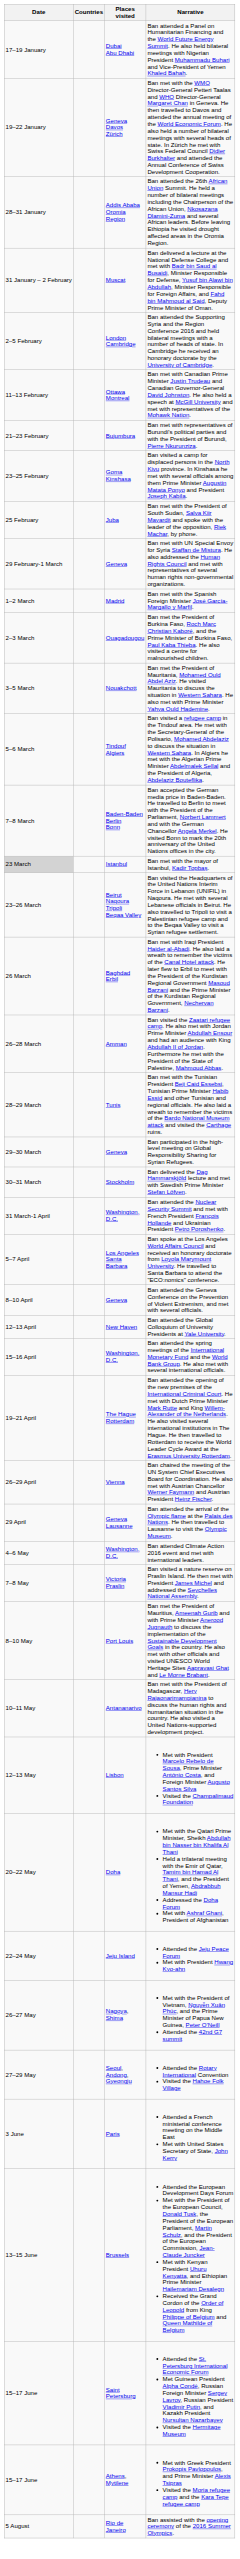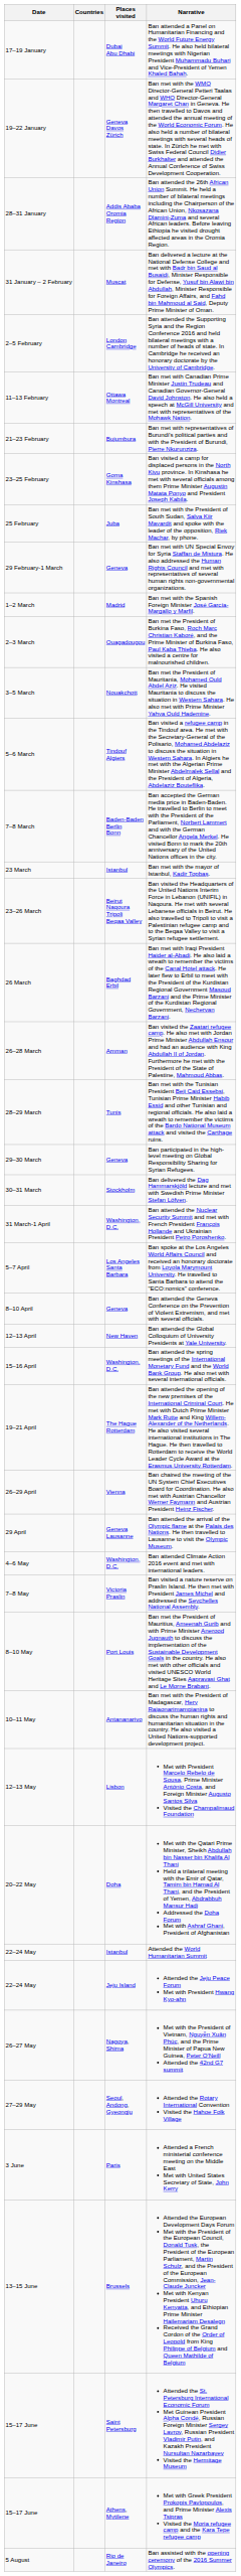 <table class="wikitable" border="1">
 <tr>
 <th>Date</th>
 <th>Countries</th>
 <th>Places visited</th>
 <th>Narrative</th>
 </tr>
 <tr>
 <td nowrap>17–19 January</td>
 <td></td>
 <td><a href='#'>Dubai</a><br><a href='#'>Abu Dhabi</a></td>
 <td>Ban attended a Panel on Humanitarian Financing and the <a href='#'>World Future Energy Summit</a>. He also held bilateral meetings with Nigerian President <a href='#'>Muhammadu Buhari</a> and Vice-President of Yemen <a href='#'>Khaled Bahah</a>.</td>
 </tr>
 <tr>
 <td nowrap>19–22 January</td>
 <td></td>
 <td><a href='#'>Geneva</a><br><a href='#'>Davos</a><br><a href='#'>Zürich</a></td>
 <td>Ban met with the <a href='#'>WMO</a> Director-General Petteri Taalas and <a href='#'>WHO</a> Director-General <a href='#'>Margaret Chan</a> in Geneva. He then travelled to Davos and attended the annual meeting of the <a href='#'>World Economic Forum</a>. He also held a number of bilateral meetings with several heads of state. In Zürich he met with Swiss Federal Council <a href='#'>Didier Burkhalter</a> and attended the Annual Conference of Swiss Development Cooperation.</td>
 </tr>
 <tr>
 <td nowrap>28–31 January</td>
 <td></td>
 <td><a href='#'>Addis Ababa</a><br><a href='#'>Oromia Region</a></td>
 <td>Ban attended the 26th <a href='#'>African Union</a> Summit. He held a number of bilateral meetings including the Chairperson of the African Union, <a href='#'>Nkosazana Dlamini-Zuma</a> and several African leaders. Before leaving Ethiopia he visited drought affected areas in the Oromia Region.</td>
 </tr>
 <tr>
 <td nowrap>31 January – 2 February</td>
 <td></td>
 <td><a href='#'>Muscat</a></td>
 <td>Ban delivered a lecture at the National Defense College and met with <a href='#'>Badr bin Saud al Busaidi</a>, Minister Responsible for Defense, <a href='#'>Yusuf bin Alawi bin Abdullah</a>, Minister Responsible for Foreign Affairs, and <a href='#'>Fahd bin Mahmoud al Said</a>, Deputy Prime Minister of Oman.</td>
 </tr>
 <tr>
 <td nowrap>2–5 February</td>
 <td></td>
 <td><a href='#'>London</a><br><a href='#'>Cambridge</a></td>
 <td>Ban attended the Supporting Syria and the Region Conference 2016 and held bilateral meetings with a number of heads of state. In Cambridge he received an honorary doctorate by the <a href='#'>University of Cambridge</a>.</td>
 </tr>
 <tr>
 <td nowrap>11–13 February</td>
 <td></td>
 <td><a href='#'>Ottawa</a><br><a href='#'>Montreal</a></td>
 <td>Ban met with Canadian Prime Minister <a href='#'>Justin Trudeau</a> and Canadian Governor-General <a href='#'>David Johnston</a>. He also held a speech at <a href='#'>McGill University</a> and met with representatives of the <a href='#'>Mohawk Nation</a>.</td>
 </tr>
 <tr>
 <td nowrap>21–23 February</td>
 <td></td>
 <td><a href='#'>Bujumbura</a></td>
 <td>Ban met with representatives of Burundi's political parties and with the President of Burundi, <a href='#'>Pierre Nkurunziza</a>.</td>
 </tr>
 <tr>
 <td nowrap>23–25 February</td>
 <td></td>
 <td><a href='#'>Goma</a><br><a href='#'>Kinshasa</a></td>
 <td>Ban visited a camp for displaced persons in the <a href='#'>North Kivu</a> province. In Kinshasa he met with several officials among them Prime Minister <a href='#'>Augustin Matata Ponyo</a> and President <a href='#'>Joseph Kabila</a>.</td>
 </tr>
 <tr>
 <td nowrap>25 February</td>
 <td></td>
 <td><a href='#'>Juba</a></td>
 <td>Ban met with the President of South Sudan, <a href='#'>Salva Kiir Mayardit</a> and spoke with the leader of the opposition, <a href='#'>Riek Machar</a>, by phone.</td>
 </tr>
 <tr>
 <td nowrap>29 February-1 March</td>
 <td></td>
 <td><a href='#'>Geneva</a></td>
 <td>Ban met with UN Special Envoy for Syria <a href='#'>Staffan de Mistura</a>. He also addressed the <a href='#'>Human Rights Council</a> and met with representatives of several human rights non-governmental organizations.</td>
 </tr>
 <tr>
 <td nowrap>1–2 March</td>
 <td></td>
 <td><a href='#'>Madrid</a></td>
 <td>Ban met with the Spanish Foreign Minister <a href='#'>José García-Margallo y Marfil</a>.</td>
 </tr>
 <tr>
 <td nowrap>2–3 March</td>
 <td></td>
 <td><a href='#'>Ouagadougou</a></td>
 <td>Ban met the President of Burkina Faso, <a href='#'>Roch Marc Christian Kaboré</a>, and the Prime Minister of Burkina Faso, <a href='#'>Paul Kaba Thieba</a>. He also visited a centre for malnourished children.</td>
 </tr>
 <tr>
 <td nowrap>3–5 March</td>
 <td></td>
 <td><a href='#'>Nouakchott</a></td>
 <td>Ban met the President of Mauritania, <a href='#'>Mohamed Ould Abdel Aziz</a>. He visited Mauritania to discuss the situation in <a href='#'>Western Sahara</a>. He also met with Prime Minister <a href='#'>Yahya Ould Hademine</a>.</td>
 </tr>
 <tr>
 <td nowrap>5–6 March</td>
 <td></td>
 <td><a href='#'>Tindouf</a><br><a href='#'>Algiers</a></td>
 <td>Ban visited a <a href='#'>refugee camp</a> in the Tindouf area. He met with the Secretary-General of the Polisario, <a href='#'>Mohamed Abdelaziz</a> to discuss the situation in <a href='#'>Western Sahara</a>. In Algiers he met with the Algerian Prime Minister <a href='#'>Abdelmalek Sellal</a> and the President of Algeria, <a href='#'>Abdelaziz Bouteflika</a>.</td>
 </tr>
 <tr>
 <td nowrap>7–8 March</td>
 <td></td>
 <td><a href='#'>Baden-Baden</a><br><a href='#'>Berlin</a><br><a href='#'>Bonn</a></td>
 <td>Ban accepted the German media price in Baden-Baden. He travelled to Berlin to meet with the President of the Parliament, <a href='#'>Norbert Lammert</a> and with the German Chancellor <a href='#'>Angela Merkel</a>. He visited Bonn to mark the 20th anniversary of the United Nations offices in the city.</td>
 </tr>
 <tr>
-<td nowrap style="background: lightgrey;">23 March</td>
+<td nowrap>23 March</td>
 <td></td>
 <td><a href='#'>Istanbul</a></td>
 <td>Ban met with the mayor of Istanbul, <a href='#'>Kadir Topbaş</a>.</td>
 </tr>
 <tr>
 <td nowrap>23–26 March</td>
 <td></td>
 <td><a href='#'>Beirut</a><br><a href='#'>Naqoura</a><br><a href='#'>Tripoli</a><br><a href='#'>Beqaa Valley</a></td>
 <td>Ban visited the Headquarters of the United Nations Interim Force in Lebanon (UNIFIL) in Naqoura. He met with several Lebanese officials in Beirut. He also travelled to Tripoli to visit a Palestinian refugee camp and to the Beqaa Valley to visit a Syrian refugee settlement.</td>
 </tr>
 <tr>
 <td nowrap>26 March</td>
 <td></td>
 <td><a href='#'>Baghdad</a><br><a href='#'>Erbil</a></td>
 <td>Ban met with Iraqi President <a href='#'>Haider al-Abadi</a>. He also laid a wreath to remember the victims of the <a href='#'>Canal Hotel attack</a>. He later flew to Erbil to meet with the President of the Kurdistan Regional Government <a href='#'>Masoud Barzani</a> and the Prime Minister of the Kurdistan Regional Government, <a href='#'>Nechervan Barzani</a>.</td>
 </tr>
 <tr>
 <td nowrap>26–28 March</td>
 <td></td>
 <td><a href='#'>Amman</a></td>
 <td>Ban visited the <a href='#'>Zaatari refugee camp</a>. He also met with Jordan Prime Minister <a href='#'>Abdullah Ensour</a> and had an audience with King <a href='#'>Abdullah II of Jordan</a>. Furthermore he met with the President of the State of Palestine, <a href='#'>Mahmoud Abbas</a>.</td>
 </tr>
 <tr>
 <td nowrap>28–29 March</td>
 <td></td>
 <td><a href='#'>Tunis</a></td>
 <td>Ban met with the Tunisian President <a href='#'>Beji Caid Essebsi</a>, Tunisian Prime Minister <a href='#'>Habib Essid</a> and other Tunisian and regional officials. He also laid a wreath to remember the victims of the <a href='#'>Bardo National Museum attack</a> and visited the <a href='#'>Carthage</a> ruins.</td>
 </tr>
 <tr>
 <td nowrap>29–30 March</td>
 <td></td>
 <td><a href='#'>Geneva</a></td>
 <td>Ban participated in the high-level meeting on Global Responsibility Sharing for Syrian Refugees.</td>
 </tr>
 <tr>
 <td nowrap>30–31 March</td>
 <td></td>
 <td><a href='#'>Stockholm</a></td>
 <td>Ban delivered the <a href='#'>Dag Hammarskjöld</a> lecture and met with Swedish Prime Minister <a href='#'>Stefan Löfven</a>.</td>
 </tr>
 <tr>
 <td nowrap>31 March-1 April</td>
 <td></td>
 <td><a href='#'>Washington, D.C.</a></td>
 <td>Ban attended the <a href='#'>Nuclear Security Summit</a> and met with French President <a href='#'>François Hollande</a> and Ukrainian President <a href='#'>Petro Poroshenko</a>.</td>
 </tr>
 <tr>
 <td nowrap>5–7 April</td>
 <td></td>
 <td><a href='#'>Los Angeles</a><br><a href='#'>Santa Barbara</a></td>
 <td>Ban spoke at the Los Angeles <a href='#'>World Affairs Council</a> and received an honorary doctorate from <a href='#'>Loyola Marymount University</a>. He travelled to Santa Barbara to attend the "ECO:nomics" conference.</td>
 </tr>
 <tr>
 <td nowrap>8–10 April</td>
 <td></td>
 <td><a href='#'>Geneva</a></td>
 <td>Ban attended the Geneva Conference on the Prevention of Violent Extremism, and met with several officials.</td>
 </tr>
 <tr>
 <td nowrap>12–13 April</td>
 <td></td>
 <td><a href='#'>New Haven</a></td>
 <td>Ban attended the Global Colloquium of University Presidents at <a href='#'>Yale University</a>.</td>
 </tr>
 <tr>
 <td nowrap>15–16 April</td>
 <td></td>
 <td><a href='#'>Washington, D.C.</a></td>
 <td>Ban attended the spring meetings of the <a href='#'>International Monetary Fund</a> and the <a href='#'>World Bank Group</a>. He also met with several international officials.</td>
 </tr>
 <tr>
 <td nowrap>19–21 April</td>
 <td></td>
 <td><a href='#'>The Hague</a><br><a href='#'>Rotterdam</a></td>
 <td>Ban attended the opening of the new premises of the <a href='#'>International Criminal Court</a>. He met with Dutch Prime Minister <a href='#'>Mark Rutte</a> and King <a href='#'>Willem-Alexander of the Netherlands</a>. He also visited several international institutions in The Hague. He then travelled to Rotterdam to receive the World Leader Cycle Award at the <a href='#'>Erasmus University Rotterdam</a>.</td>
 </tr>
 <tr>
 <td nowrap>26–29 April</td>
 <td></td>
 <td><a href='#'>Vienna</a></td>
 <td>Ban chaired the meeting of the UN System Chief Executives Board for Coordination. He also met with Austrian Chancellor <a href='#'>Werner Faymann</a> and Austrian President <a href='#'>Heinz Fischer</a>.</td>
 </tr>
 <tr>
 <td nowrap>29 April</td>
 <td></td>
 <td><a href='#'>Geneva</a><br><a href='#'>Lausanne</a></td>
 <td>Ban attended the arrival of the <a href='#'>Olympic flame</a> at the <a href='#'>Palais des Nations</a>. He then travelled to Lausanne to visit the <a href='#'>Olympic Museum</a>.</td>
 </tr>
 <tr>
 <td nowrap>4–6 May</td>
 <td></td>
 <td><a href='#'>Washington, D.C.</a></td>
 <td>Ban attended Climate Action 2016 event and met with international leaders.</td>
 </tr>
 <tr>
 <td nowrap>7–8 May</td>
 <td></td>
 <td><a href='#'>Victoria</a><br><a href='#'>Praslin</a></td>
 <td>Ban visited a nature reserve on Praslin Island. He then met with President <a href='#'>James Michel</a> and addressed the <a href='#'>Seychelles National Assembly</a>.</td>
 </tr>
 <tr>
 <td nowrap>8–10 May</td>
 <td></td>
 <td><a href='#'>Port Louis</a></td>
 <td>Ban met the President of Mauritius, <a href='#'>Ameenah Gurib</a> and with Prime Minister <a href='#'>Anerood Jugnauth</a> to discuss the implementation of the <a href='#'>Sustainable Development Goals</a> in the country. He also met with other officials and visited UNESCO World Heritage Sites <a href='#'>Aapravasi Ghat</a> and <a href='#'>Le Morne Brabant</a>.</td>
 </tr>
 <tr>
 <td nowrap>10–11 May</td>
 <td></td>
 <td><a href='#'>Antananarivo</a></td>
 <td>Ban met with the President of Madagascar, <a href='#'>Hery Rajaonarimampianina</a> to discuss the human rights and humanitarian situation in the country. He also visited a United Nations-supported development project.</td>
 </tr>
 <tr>
 <td nowrap>12–13 May</td>
 <td></td>
 <td><a href='#'>Lisbon</a></td>
 <td><br><ul><li>Met with President <a href='#'>Marcelo Rebelo de Sousa</a>, Prime Minister <a href='#'>António Costa</a>, and Foreign Minister <a href='#'>Augusto Santos Silva</a></li><li>Visited the <a href='#'>Champalimaud Foundation</a></li></ul></td>
 </tr>
 <tr>
 <td nowrap>20–22 May</td>
 <td></td>
 <td><a href='#'>Doha</a></td>
 <td><br><ul><li>Met with the Qatari Prime Minister, Sheikh <a href='#'>Abdullah bin Nasser bin Khalifa Al Thani</a></li><li>Held a trilateral meeting with the Emir of Qatar, <a href='#'>Tamim bin Hamad Al Thani</a>, and the President of Yemen, <a href='#'>Abdrabbuh Mansur Hadi</a></li><li>Addressed the <a href='#'>Doha Forum</a></li><li>Met with <a href='#'>Ashraf Ghani</a>, President of Afghanistan</li></ul></td>
 </tr>
 <tr>
 <td nowrap>22–24 May</td>
 <td></td>
+<td><a href='#'>Istanbul</a></td>
+<td>Attended the <a href='#'>World Humanitarian Summit</a></td>
+</tr>
+<tr>
+<td nowrap>22–24 May</td>
+<td></td>
 <td><a href='#'>Jeju Island</a></td>
 <td><br><ul><li>Attended the <a href='#'>Jeju Peace Forum</a></li><li>Met with President <a href='#'>Hwang Kyo-ahn</a></li></ul></td>
 </tr>
 <tr>
 <td nowrap>26–27 May</td>
 <td></td>
 <td><a href='#'>Nagoya</a>,<br><a href='#'>Shima</a></td>
 <td><br><ul><li>Met with the President of Vietnam, <a href='#'>Nguyễn Xuân Phúc</a>, and the Prime Minister of Papua New Guinea, <a href='#'>Peter O'Neill</a></li><li>Attended the <a href='#'>42nd G7 summit</a></li></ul></td>
 </tr>
 <tr>
 <td nowrap>27–29 May</td>
 <td></td>
 <td><a href='#'>Seoul</a>,<br><a href='#'>Andong</a>,<br><a href='#'>Gyeongju</a></td>
 <td><br><ul><li>Attended the <a href='#'>Rotary International</a> Convention</li><li>Visited the <a href='#'>Hahoe Folk Village</a></li></ul></td>
 </tr>
 <tr>
 <td nowrap>3 June</td>
 <td></td>
 <td><a href='#'>Paris</a></td>
 <td><br><ul><li>Attended a French ministerial conference meeting on the Middle East</li><li>Met with United States Secretary of State, <a href='#'>John Kerry</a></li></ul></td>
 </tr>
 <tr>
 <td nowrap>13–15 June</td>
 <td></td>
 <td><a href='#'>Brussels</a></td>
 <td><br><ul><li>Attended the European Development Days Forum</li><li>Met with the President of the European Council, <a href='#'>Donald Tusk</a>, the President of the European Parliament, <a href='#'>Martin Schulz</a>, and the President of the European Commission, <a href='#'>Jean-Claude Juncker</a></li><li>Met with Kenyan President <a href='#'>Uhuru Kenyatta</a>, and Ethiopian Prime Minister <a href='#'>Hailemariam Desalegn</a></li><li>Received the Grand Cordon of the <a href='#'>Order of Leopold</a> from King <a href='#'>Philippe of Belgium</a> and <a href='#'>Queen Mathilde of Belgium</a></li></ul></td>
 </tr>
 <tr>
 <td nowrap>15–17 June</td>
 <td></td>
 <td><a href='#'>Saint Petersburg</a></td>
 <td><br><ul><li>Attended the <a href='#'>St. Petersburg International Economic Forum</a></li><li>Met Guinean President <a href='#'>Alpha Condé</a>, Russian Foreign Minister <a href='#'>Sergey Lavrov</a>, Russian President <a href='#'>Vladimir Putin</a>, and Kazakh President <a href='#'>Nursultan Nazarbayev</a></li><li>Visited the <a href='#'>Hermitage Museum</a></li></ul></td>
 </tr>
 <tr>
 <td nowrap>15–17 June</td>
 <td></td>
 <td><a href='#'>Athens</a>,<br><a href='#'>Mytilene</a></td>
 <td><br><ul><li>Met with Greek President <a href='#'>Prokopis Pavlopoulos</a>, and Prime Minister <a href='#'>Alexis Tsipras</a></li><li>Visited the <a href='#'>Moria refugee camp</a> and the <a href='#'>Kara Tepe refugee camp</a></li></ul></td>
 </tr>
 <tr>
 <td>5 August</td>
 <td></td>
 <td><a href='#'>Rio de Janeiro</a></td>
 <td>Ban assisted with the <a href='#'>opening ceremony</a> of the <a href='#'>2016 Summer Olympics</a>.</td>
 </tr>
 </table>
